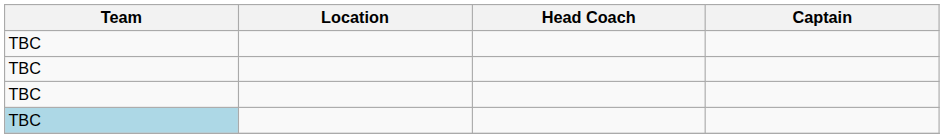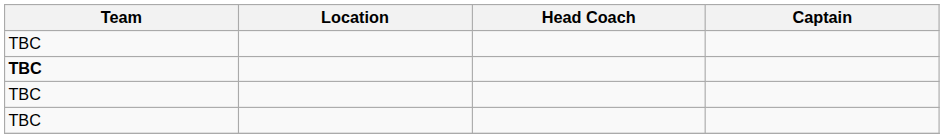 <table class="wikitable" style="font-size:90%;">
 <tr>
 <th scope=col width="200">Team</th>
 <th scope=col width="200">Location</th>
 <th scope=col width="200">Head Coach</th>
 <th scope=col width="200">Captain</th>
 </tr>
 <tr>
 <td>TBC</td>
+<td></td>
+<td></td>
+<td></td>
+</tr>
+<tr>
+<td><strong>TBC</strong></td>
 <td></td>
 <td></td>
 <td></td>
 </tr>
 <tr>
 <td>TBC</td>
 <td></td>
 <td></td>
 <td></td>
 </tr>
 <tr>
 <td>TBC</td>
 <td></td>
 <td></td>
 <td></td>
 </tr>
 <tr>
-<td style="background: lightblue;">TBC</td>
-<td></td>
-<td></td>
-<td></td>
-</tr>
-<tr>
 </tr>
 </table>
